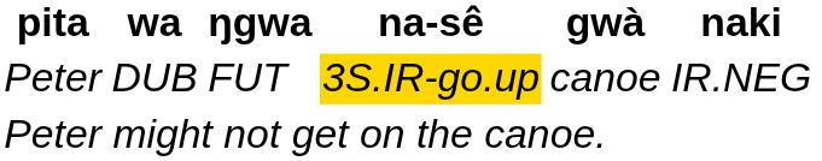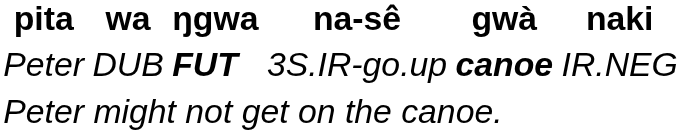 <table>
 <tr>
 <th>pita</th>
 <th>wa</th>
 <th>ŋgwa</th>
 <th>na-sê</th>
 <th>gwà</th>
 <th>naki</th>
 </tr>
 <tr>
 <td><em>Peter</em></td>
 <td><em>DUB</em></td>
-<td><em>FUT</em></td>
-<td style="background: gold;"><em>3S.IR-go.up</em></td>
-<td><em>canoe</em></td>
+<td><strong><em>FUT</em></strong></td>
+<td><em>3S.IR-go.up</em></td>
+<td><strong><em>canoe</em></strong></td>
 <td><em>IR.NEG</em></td>
 </tr>
 <tr>
 <td colspan="6"><em>Peter might not get on the canoe.</em></td>
 </tr>
 </table>
